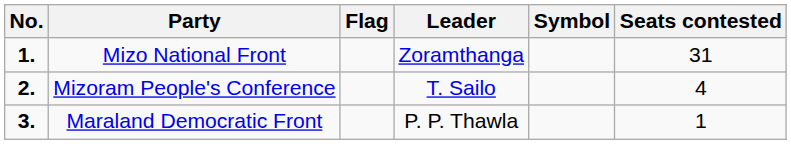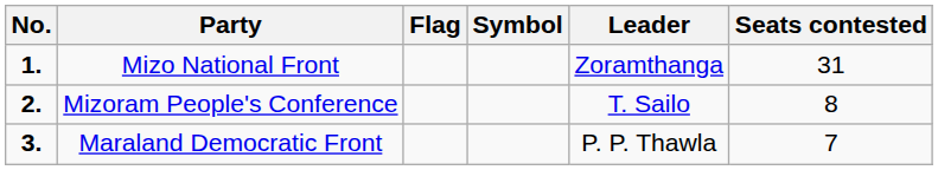 <table class="wikitable">
 <tr>
 <th>No.</th>
 <th>Party</th>
 <th>Flag</th>
+<th>Symbol</th>
 <th>Leader</th>
-<th>Symbol</th>
 <th>Seats contested</th>
 </tr>
 <tr>
 <td ! style="text-align:center; background:"><strong>1.</strong></td>
 <td style="text-align:center"><a href='#'>Mizo National Front</a></td>
 <td></td>
+<td></td>
 <td style="text-align:center"><a href='#'>Zoramthanga</a></td>
-<td></td>
 <td style="text-align:center">31</td>
 </tr>
 <tr>
 <td ! style="text-align:center; background:"><strong>2.</strong></td>
 <td style="text-align:center"><a href='#'>Mizoram People's Conference</a></td>
 <td></td>
+<td></td>
 <td style="text-align:center"><a href='#'>T. Sailo</a></td>
-<td></td>
-<td style="text-align:center">4</td>
+<td style="text-align:center">8</td>
 </tr>
 <tr>
 <td ! style="text-align:center; background:"><strong>3.</strong></td>
 <td style="text-align:center"><a href='#'>Maraland Democratic Front</a></td>
 <td></td>
+<td></td>
 <td style="text-align:center">P. P. Thawla</td>
-<td></td>
-<td style="text-align:center">1</td>
+<td style="text-align:center">7</td>
 </tr>
 </table>
